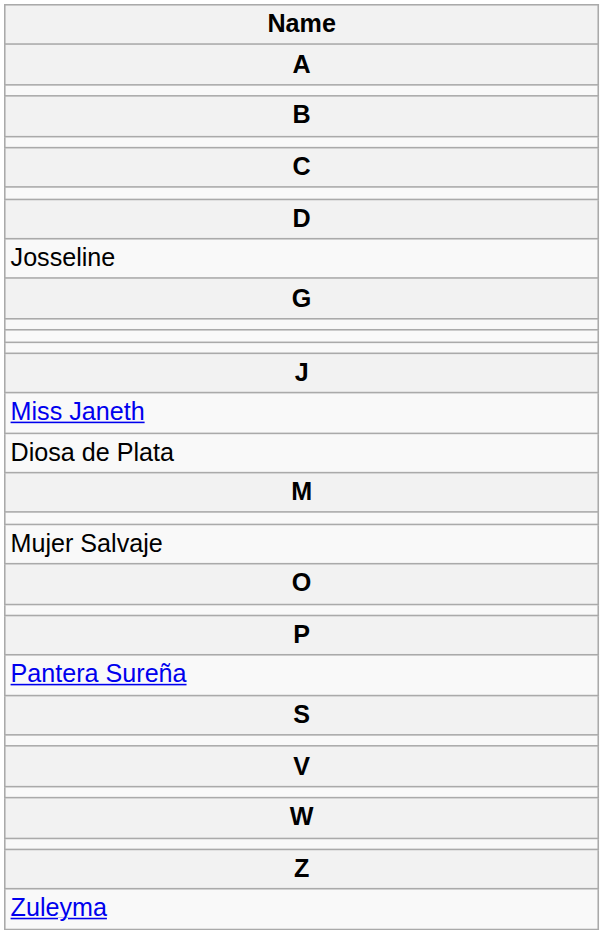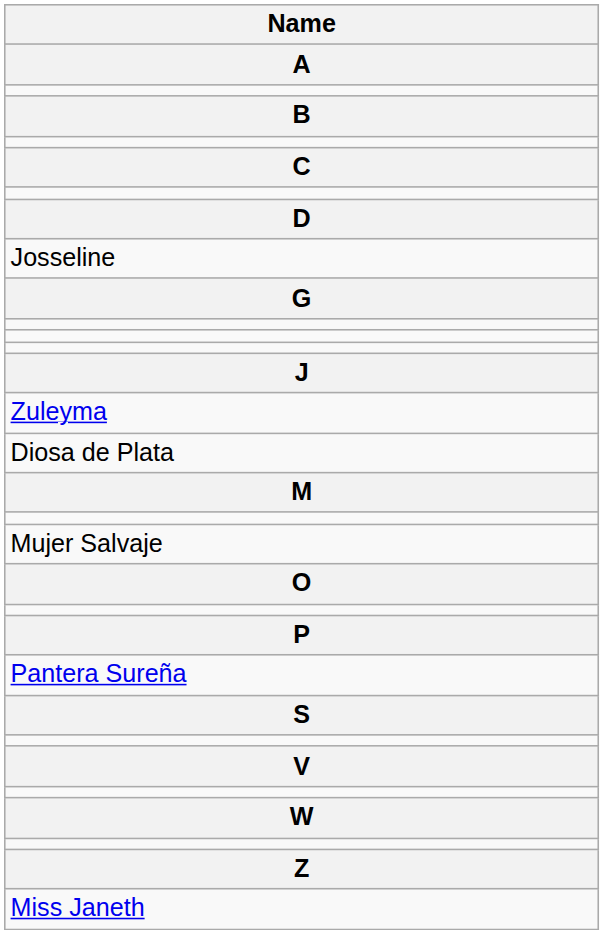 <table class="wikitable sortable" width=30%>
 <tr>
 <th><strong>Name</strong></th>
 </tr>
 <tr>
 <th><strong>A</strong></th>
 </tr>
 <tr>
 <td></td>
 </tr>
 <tr>
 <th><strong>B</strong></th>
 </tr>
 <tr>
 <td></td>
 </tr>
 <tr>
 <th><strong>C</strong></th>
 </tr>
 <tr>
 <td></td>
 </tr>
 <tr>
 <th><strong>D</strong></th>
 </tr>
 <tr>
 <td>Josseline</td>
 </tr>
 <tr>
 <th><strong>G</strong></th>
 </tr>
 <tr>
 <td></td>
 </tr>
 <tr>
 <td></td>
 </tr>
 <tr>
 <td></td>
 </tr>
 <tr>
 <th><strong>J</strong></th>
 </tr>
 <tr>
-<td><a href='#'>Miss Janeth</a></td>
+<td><a href='#'>Zuleyma</a></td>
 </tr>
 <tr>
 <td>Diosa de Plata</td>
 </tr>
 <tr>
 <th><strong>M</strong></th>
 </tr>
 <tr>
 <td></td>
 </tr>
 <tr>
 <td>Mujer Salvaje</td>
 </tr>
 <tr>
 <th><strong>O</strong></th>
 </tr>
 <tr>
 <td></td>
 </tr>
 <tr>
 <th><strong>P</strong></th>
 </tr>
 <tr>
 <td><a href='#'>Pantera Sureña</a></td>
 </tr>
 <tr>
 <th><strong>S</strong></th>
 </tr>
 <tr>
 <td></td>
 </tr>
 <tr>
 <th><strong>V</strong></th>
 </tr>
 <tr>
 <td></td>
 </tr>
 <tr>
 <th><strong>W</strong></th>
 </tr>
 <tr>
 <td></td>
 </tr>
 <tr>
 <th><strong>Z</strong></th>
 </tr>
 <tr>
-<td><a href='#'>Zuleyma</a></td>
+<td><a href='#'>Miss Janeth</a></td>
 </tr>
 </table>
